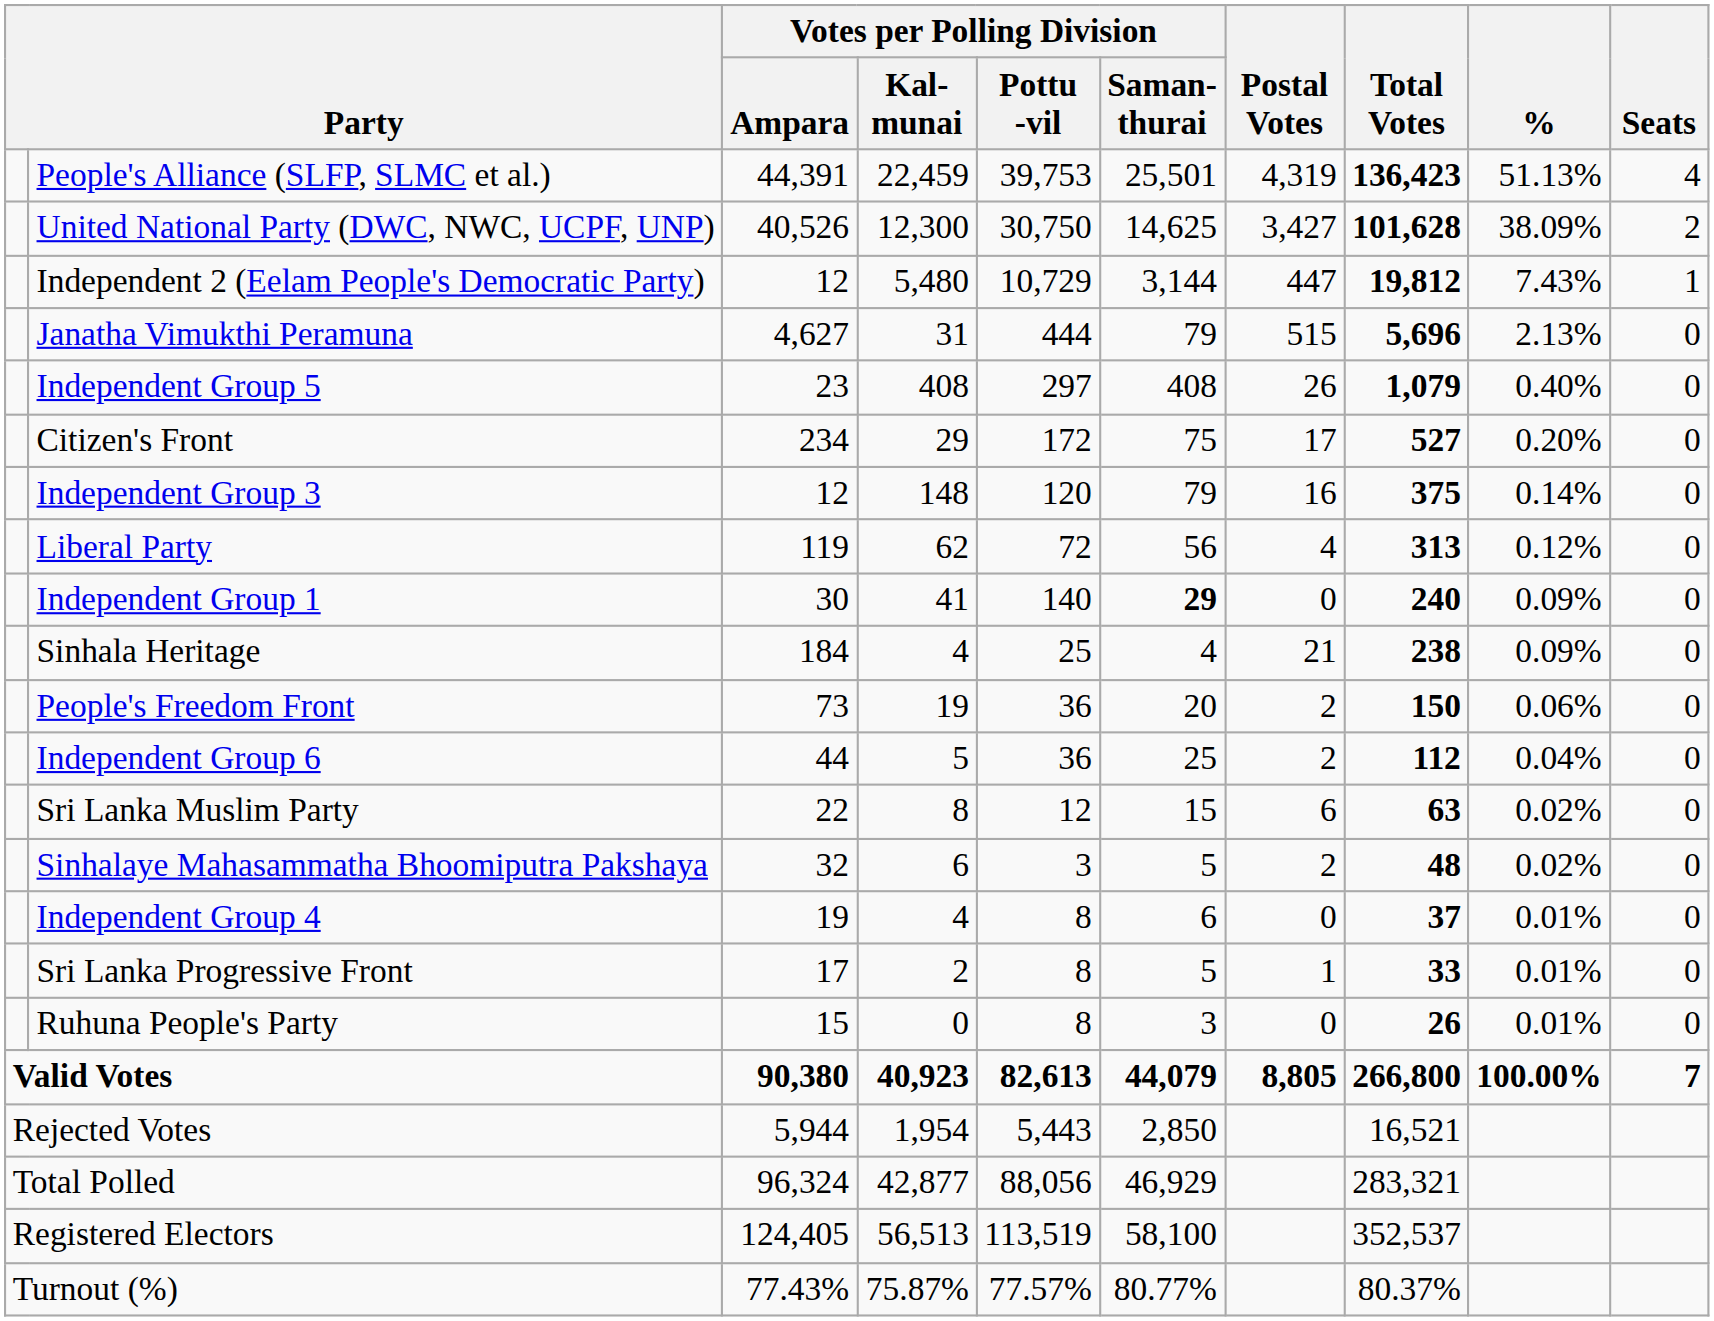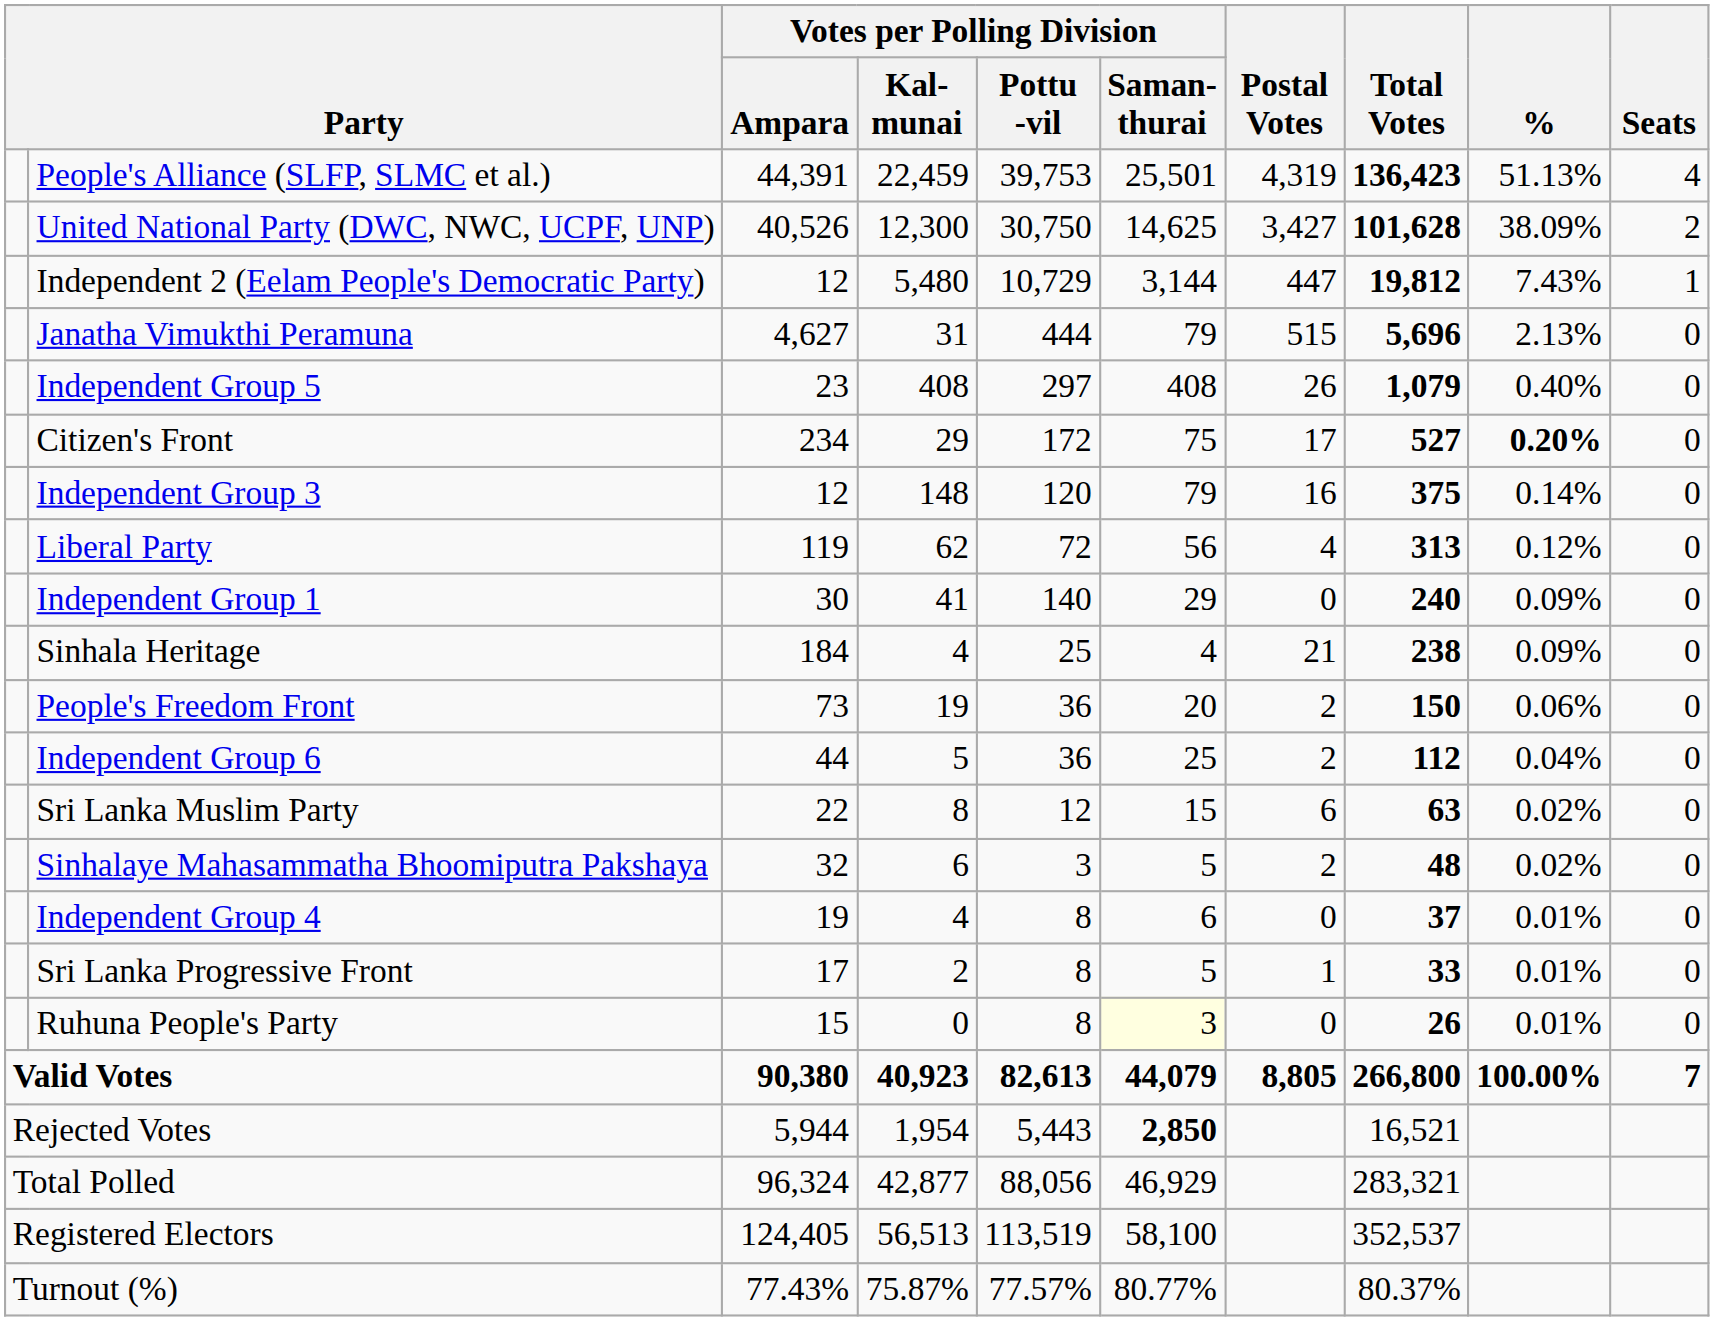 <table class="wikitable" border="1" style="text-align:right;">
 <tr>
 <th align=left valign=bottom rowspan=2 colspan=2>Party</th>
 <th colspan=4>Votes per Polling Division</th>
 <th align=center valign=bottom rowspan=2 width="50">Postal<br>Votes</th>
 <th align=center valign=bottom rowspan=2 width="50">Total Votes</th>
 <th align=center valign=bottom rowspan=2 width="50">%</th>
 <th align=center valign=bottom rowspan=2 width="40">Seats</th>
 </tr>
 <tr>
 <th align=center valign=bottom width="50">Ampara</th>
 <th align=center valign=bottom width="50">Kal-<br>munai</th>
 <th align=center valign=bottom width="50">Pottu<br>-vil</th>
 <th align=center valign=bottom width="50">Saman-<br>thurai</th>
 </tr>
 <tr>
 <td bgcolor=> </td>
 <td align=left><a href='#'>People's Alliance</a> (<a href='#'>SLFP</a>, <a href='#'>SLMC</a> et al.)</td>
 <td>44,391</td>
 <td>22,459</td>
 <td>39,753</td>
 <td>25,501</td>
 <td>4,319</td>
 <td><strong>136,423</strong></td>
 <td>51.13%</td>
 <td>4</td>
 </tr>
 <tr>
 <td bgcolor=> </td>
 <td align=left><a href='#'>United National Party</a> (<a href='#'>DWC</a>, NWC, <a href='#'>UCPF</a>, <a href='#'>UNP</a>)</td>
 <td>40,526</td>
 <td>12,300</td>
 <td>30,750</td>
 <td>14,625</td>
 <td>3,427</td>
 <td><strong>101,628</strong></td>
 <td>38.09%</td>
 <td>2</td>
 </tr>
 <tr>
 <td bgcolor=> </td>
 <td align=left>Independent 2 (<a href='#'>Eelam People's Democratic Party</a>)</td>
 <td>12</td>
 <td>5,480</td>
 <td>10,729</td>
 <td>3,144</td>
 <td>447</td>
 <td><strong>19,812</strong></td>
 <td>7.43%</td>
 <td>1</td>
 </tr>
 <tr>
 <td bgcolor=> </td>
 <td align=left><a href='#'>Janatha Vimukthi Peramuna</a></td>
 <td>4,627</td>
 <td>31</td>
 <td>444</td>
 <td>79</td>
 <td>515</td>
 <td><strong>5,696</strong></td>
 <td>2.13%</td>
 <td>0</td>
 </tr>
 <tr>
 <td bgcolor=> </td>
 <td align=left><a href='#'>Independent Group 5</a></td>
 <td>23</td>
 <td>408</td>
 <td>297</td>
 <td>408</td>
 <td>26</td>
 <td><strong>1,079</strong></td>
 <td>0.40%</td>
 <td>0</td>
 </tr>
 <tr>
 <td></td>
 <td align=left>Citizen's Front</td>
 <td>234</td>
 <td>29</td>
 <td>172</td>
 <td>75</td>
 <td>17</td>
 <td><strong>527</strong></td>
-<td>0.20%</td>
+<td><strong>0.20%</strong></td>
 <td>0</td>
 </tr>
 <tr>
 <td bgcolor=> </td>
 <td align=left><a href='#'>Independent Group 3</a></td>
 <td>12</td>
 <td>148</td>
 <td>120</td>
 <td>79</td>
 <td>16</td>
 <td><strong>375</strong></td>
 <td>0.14%</td>
 <td>0</td>
 </tr>
 <tr>
 <td></td>
 <td align=left><a href='#'>Liberal Party</a></td>
 <td>119</td>
 <td>62</td>
 <td>72</td>
 <td>56</td>
 <td>4</td>
 <td><strong>313</strong></td>
 <td>0.12%</td>
 <td>0</td>
 </tr>
 <tr>
 <td bgcolor=> </td>
 <td align=left><a href='#'>Independent Group 1</a></td>
 <td>30</td>
 <td>41</td>
 <td>140</td>
-<td><strong>29</strong></td>
+<td>29</td>
 <td>0</td>
 <td><strong>240</strong></td>
 <td>0.09%</td>
 <td>0</td>
 </tr>
 <tr>
 <td></td>
 <td align=left>Sinhala Heritage</td>
 <td>184</td>
 <td>4</td>
 <td>25</td>
 <td>4</td>
 <td>21</td>
 <td><strong>238</strong></td>
 <td>0.09%</td>
 <td>0</td>
 </tr>
 <tr>
 <td></td>
 <td align=left><a href='#'>People's Freedom Front</a></td>
 <td>73</td>
 <td>19</td>
 <td>36</td>
 <td>20</td>
 <td>2</td>
 <td><strong>150</strong></td>
 <td>0.06%</td>
 <td>0</td>
 </tr>
 <tr>
 <td bgcolor=> </td>
 <td align=left><a href='#'>Independent Group 6</a></td>
 <td>44</td>
 <td>5</td>
 <td>36</td>
 <td>25</td>
 <td>2</td>
 <td><strong>112</strong></td>
 <td>0.04%</td>
 <td>0</td>
 </tr>
 <tr>
 <td></td>
 <td align=left>Sri Lanka Muslim Party</td>
 <td>22</td>
 <td>8</td>
 <td>12</td>
 <td>15</td>
 <td>6</td>
 <td><strong>63</strong></td>
 <td>0.02%</td>
 <td>0</td>
 </tr>
 <tr>
 <td bgcolor=> </td>
 <td align=left><a href='#'>Sinhalaye Mahasammatha Bhoomiputra Pakshaya</a></td>
 <td>32</td>
 <td>6</td>
 <td>3</td>
 <td>5</td>
 <td>2</td>
 <td><strong>48</strong></td>
 <td>0.02%</td>
 <td>0</td>
 </tr>
 <tr>
 <td bgcolor=> </td>
 <td align=left><a href='#'>Independent Group 4</a></td>
 <td>19</td>
 <td>4</td>
 <td>8</td>
 <td>6</td>
 <td>0</td>
 <td><strong>37</strong></td>
 <td>0.01%</td>
 <td>0</td>
 </tr>
 <tr>
 <td></td>
 <td align=left>Sri Lanka Progressive Front</td>
 <td>17</td>
 <td>2</td>
 <td>8</td>
 <td>5</td>
 <td>1</td>
 <td><strong>33</strong></td>
 <td>0.01%</td>
 <td>0</td>
 </tr>
 <tr>
 <td></td>
 <td align=left>Ruhuna People's Party</td>
 <td>15</td>
 <td>0</td>
 <td>8</td>
-<td>3</td>
+<td style="background: lightyellow;">3</td>
 <td>0</td>
 <td><strong>26</strong></td>
 <td>0.01%</td>
 <td>0</td>
 </tr>
 <tr>
 <td align=left colspan=2><strong>Valid Votes</strong></td>
 <td><strong>90,380</strong></td>
 <td><strong>40,923</strong></td>
 <td><strong>82,613</strong></td>
 <td><strong>44,079</strong></td>
 <td><strong>8,805</strong></td>
 <td><strong>266,800</strong></td>
 <td><strong>100.00%</strong></td>
 <td><strong>7</strong></td>
 </tr>
 <tr>
 <td align=left colspan=2>Rejected Votes</td>
 <td>5,944</td>
 <td>1,954</td>
 <td>5,443</td>
-<td>2,850</td>
+<td><strong>2,850</strong></td>
 <td></td>
 <td>16,521</td>
 <td></td>
 <td></td>
 </tr>
 <tr>
 <td align=left colspan=2>Total Polled</td>
 <td>96,324</td>
 <td>42,877</td>
 <td>88,056</td>
 <td>46,929</td>
 <td></td>
 <td>283,321</td>
 <td></td>
 <td></td>
 </tr>
 <tr>
 <td align=left colspan=2>Registered Electors</td>
 <td>124,405</td>
 <td>56,513</td>
 <td>113,519</td>
 <td>58,100</td>
 <td></td>
 <td>352,537</td>
 <td></td>
 <td></td>
 </tr>
 <tr>
 <td align=left colspan=2>Turnout (%)</td>
 <td>77.43%</td>
 <td>75.87%</td>
 <td>77.57%</td>
 <td>80.77%</td>
 <td></td>
 <td>80.37%</td>
 <td></td>
 <td></td>
 </tr>
 </table>
